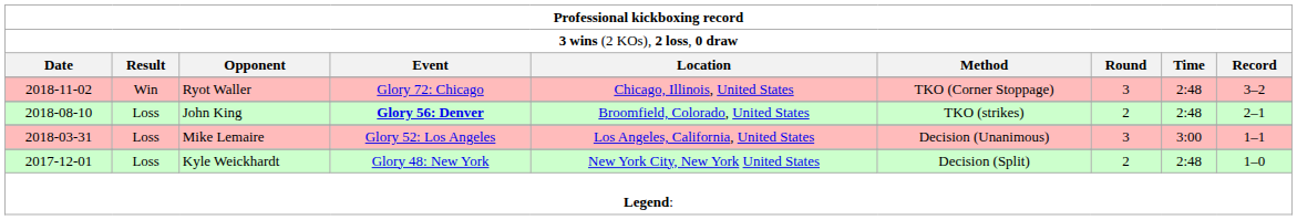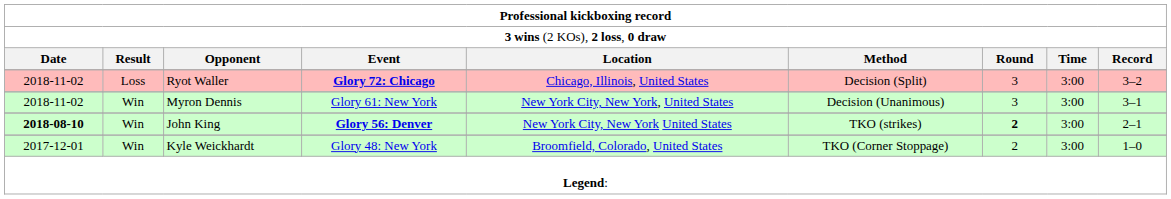 <table class="wikitable collapsible" style="font-size:88%; text-align:center; width:100%;">
 <tr>
 <th colspan=9 style="background:#fff">Professional kickboxing record</th>
 </tr>
 <tr>
 <td colspan=9 style="background:#fff"><strong>3 wins</strong> (2 KOs), <strong>2 loss</strong>, <strong>0 draw</strong></td>
 </tr>
 <tr>
 <th>Date</th>
 <th>Result</th>
 <th>Opponent</th>
 <th>Event</th>
 <th>Location</th>
 <th>Method</th>
 <th>Round</th>
 <th>Time</th>
 <th>Record</th>
 </tr>
 <tr>
 </tr>
 <tr style="text-align:center; background:#FFBBBB;">
 <td>2018-11-02</td>
+<td>Loss</td>
+<td align=left> Ryot Waller</td>
+<td><strong><a href='#'>Glory 72: Chicago</a></strong></td>
+<td><a href='#'>Chicago, Illinois</a>, <a href='#'>United States</a></td>
+<td>Decision (Split)</td>
+<td>3</td>
+<td>3:00</td>
+<td>3–2</td>
+</tr>
+<tr>
+</tr>
+<tr style="text-align:center; background:#cfc;">
+<td>2018-11-02</td>
 <td>Win</td>
-<td align=left> Ryot Waller</td>
-<td><a href='#'>Glory 72: Chicago</a></td>
-<td><a href='#'>Chicago, Illinois</a>, <a href='#'>United States</a></td>
-<td>TKO (Corner Stoppage)</td>
+<td align=left> Myron Dennis</td>
+<td><a href='#'>Glory 61: New York</a></td>
+<td><a href='#'>New York City, New York</a>, <a href='#'>United States</a></td>
+<td>Decision (Unanimous)</td>
 <td>3</td>
-<td>2:48</td>
-<td>3–2</td>
+<td>3:00</td>
+<td>3–1</td>
+</tr>
+<tr>
+</tr>
+<tr style="background:#cfc">
+<td><strong>2018-08-10</strong></td>
+<td>Win</td>
+<td align=left> John King</td>
+<td><strong><a href='#'>Glory 56: Denver</a></strong></td>
+<td><a href='#'>New York City, New York</a> <a href='#'>United States</a></td>
+<td>TKO (strikes)</td>
+<td><strong>2</strong></td>
+<td>3:00</td>
+<td>2–1</td>
 </tr>
 <tr>
 </tr>
 <tr>
 </tr>
-<tr style="background:#cfc">
-<td>2018-08-10</td>
-<td>Loss</td>
-<td align=left> John King</td>
-<td><strong><a href='#'>Glory 56: Denver</a></strong></td>
-<td><a href='#'>Broomfield, Colorado</a>, <a href='#'>United States</a></td>
-<td>TKO (strikes)</td>
-<td>2</td>
-<td>2:48</td>
-<td>2–1</td>
-</tr>
-<tr>
-</tr>
-<tr style="background:#FFBBBB">
-<td>2018-03-31</td>
-<td>Loss</td>
-<td align=left> Mike Lemaire</td>
-<td><a href='#'>Glory 52: Los Angeles</a></td>
-<td><a href='#'>Los Angeles, California</a>, <a href='#'>United States</a></td>
-<td>Decision (Unanimous)</td>
-<td>3</td>
-<td>3:00</td>
-<td>1–1</td>
-</tr>
-<tr>
-</tr>
 <tr style="background:#cfc;">
 <td>2017-12-01</td>
-<td>Loss</td>
+<td>Win</td>
 <td align=left> Kyle Weickhardt</td>
 <td><a href='#'>Glory 48: New York</a></td>
-<td><a href='#'>New York City, New York</a> <a href='#'>United States</a></td>
-<td>Decision (Split)</td>
+<td><a href='#'>Broomfield, Colorado</a>, <a href='#'>United States</a></td>
+<td>TKO (Corner Stoppage)</td>
 <td>2</td>
-<td>2:48</td>
+<td>3:00</td>
 <td>1–0</td>
 </tr>
 <tr>
 <td colspan=9 style="background:#fff"><br><strong>Legend</strong>:    </td>
 </tr>
 </table>
